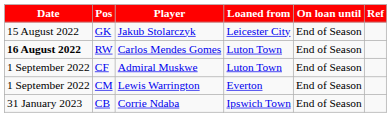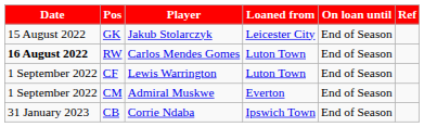 <table class="wikitable plainrowheaders sortable">
 <tr>
 <th style="background:#FF0000; color:#ffffff; ">Date</th>
 <th style="background:#FF0000; color:#ffffff; ">Pos</th>
 <th style="background:#FF0000; color:#ffffff; ">Player</th>
 <th style="background:#FF0000; color:#ffffff; ">Loaned from</th>
 <th style="background:#FF0000; color:#ffffff; ">On loan until</th>
 <th style="background:#FF0000; color:#ffffff; ">Ref</th>
 </tr>
 <tr>
 <td>15 August 2022</td>
 <td><a href='#'>GK</a></td>
 <td> <a href='#'>Jakub Stolarczyk</a></td>
 <td> <a href='#'>Leicester City</a></td>
 <td>End of Season</td>
 <td></td>
 </tr>
 <tr>
 <td><strong>16 August 2022</strong></td>
 <td><a href='#'>RW</a></td>
 <td> <a href='#'>Carlos Mendes Gomes</a></td>
 <td> <a href='#'>Luton Town</a></td>
 <td>End of Season</td>
 <td></td>
 </tr>
 <tr>
 <td>1 September 2022</td>
 <td><a href='#'>CF</a></td>
-<td> <a href='#'>Admiral Muskwe</a></td>
+<td> <a href='#'>Lewis Warrington</a></td>
 <td> <a href='#'>Luton Town</a></td>
 <td>End of Season</td>
 <td></td>
 </tr>
 <tr>
 <td>1 September 2022</td>
 <td><a href='#'>CM</a></td>
-<td> <a href='#'>Lewis Warrington</a></td>
+<td> <a href='#'>Admiral Muskwe</a></td>
 <td> <a href='#'>Everton</a></td>
 <td>End of Season</td>
 <td></td>
 </tr>
 <tr>
 <td>31 January 2023</td>
 <td><a href='#'>CB</a></td>
 <td> <a href='#'>Corrie Ndaba</a></td>
 <td> <a href='#'>Ipswich Town</a></td>
 <td>End of Season</td>
 <td></td>
 </tr>
 </table>
